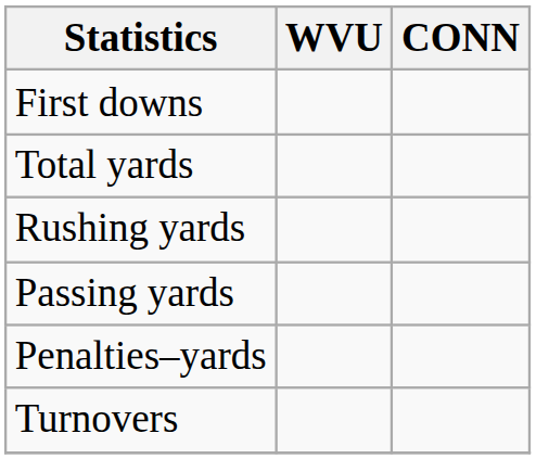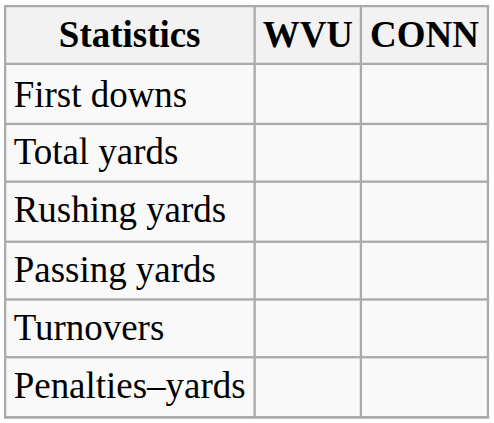 <table class="wikitable" style="float: left;">
 <tr>
 <th>Statistics</th>
 <th>WVU</th>
 <th>CONN</th>
 </tr>
 <tr>
 <td>First downs</td>
 <td></td>
 <td></td>
 </tr>
 <tr>
 <td>Total yards</td>
 <td></td>
 <td></td>
 </tr>
 <tr>
 <td>Rushing yards</td>
 <td></td>
 <td></td>
 </tr>
 <tr>
 <td>Passing yards</td>
 <td></td>
 <td></td>
 </tr>
 <tr>
-<td>Penalties–yards</td>
+<td>Turnovers</td>
 <td></td>
 <td></td>
 </tr>
 <tr>
-<td>Turnovers</td>
+<td>Penalties–yards</td>
 <td></td>
 <td></td>
 </tr>
 <tr>
 </tr>
 </table>
